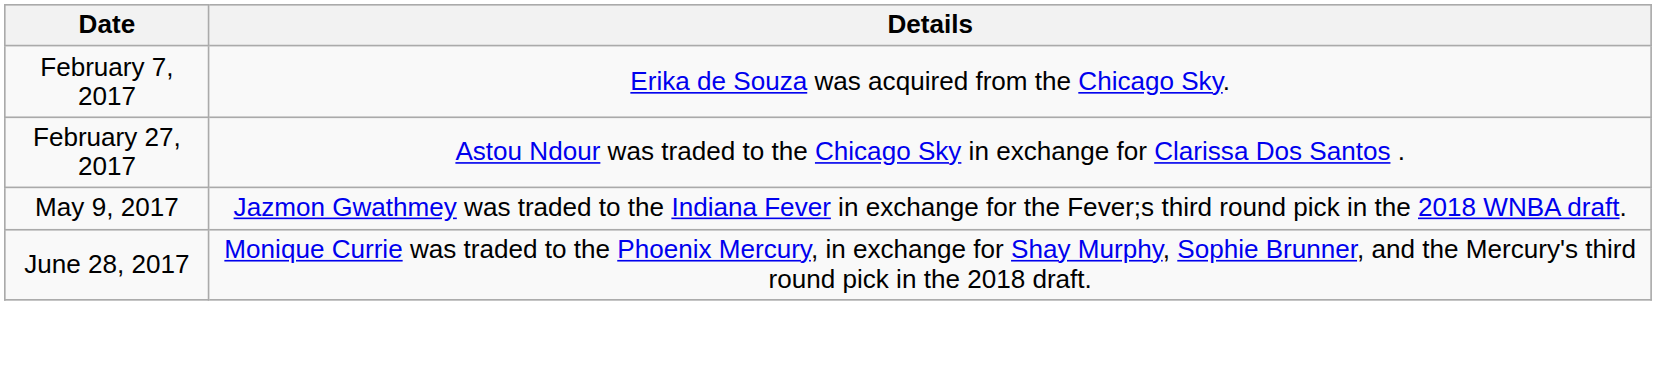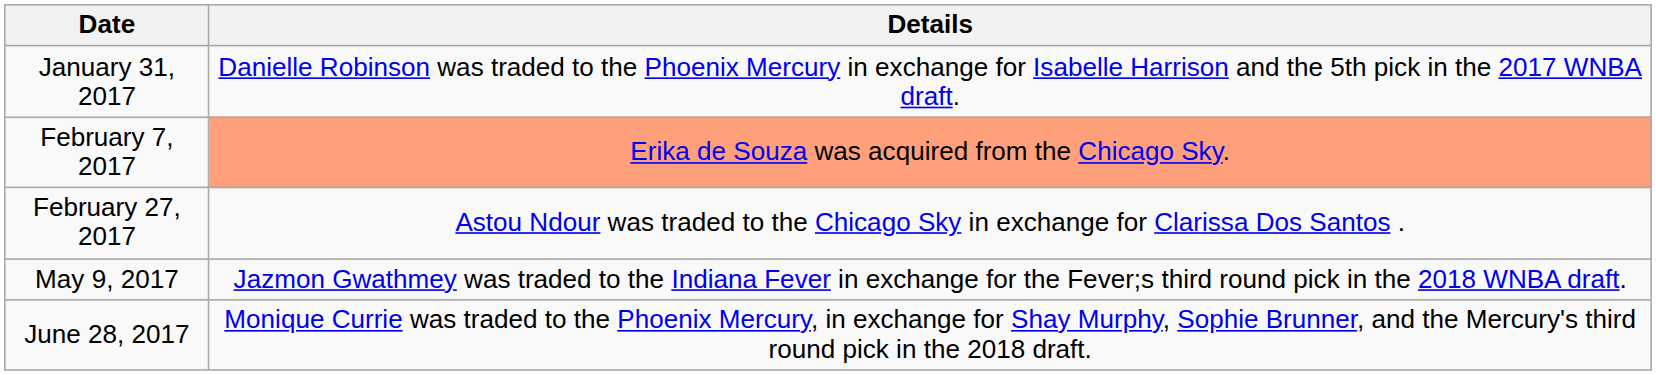 <table class="wikitable" style="width:80%; text-align: center;">
 <tr>
 <th>Date</th>
 <th>Details</th>
 </tr>
 <tr>
+<td>January 31, 2017</td>
+<td><a href='#'>Danielle Robinson</a> was traded to the <a href='#'>Phoenix Mercury</a> in exchange for <a href='#'>Isabelle Harrison</a> and the 5th pick in the <a href='#'>2017 WNBA draft</a>.</td>
+</tr>
+<tr>
 <td>February 7, 2017</td>
-<td><a href='#'>Erika de Souza</a> was acquired from the <a href='#'>Chicago Sky</a>.</td>
+<td style="background: lightsalmon;"><a href='#'>Erika de Souza</a> was acquired from the <a href='#'>Chicago Sky</a>.</td>
 </tr>
 <tr>
 <td>February 27, 2017</td>
 <td><a href='#'>Astou Ndour</a> was traded to the <a href='#'>Chicago Sky</a> in exchange for <a href='#'>Clarissa Dos Santos</a> .</td>
 </tr>
 <tr>
 <td>May 9, 2017</td>
 <td><a href='#'>Jazmon Gwathmey</a> was traded to the <a href='#'>Indiana Fever</a> in exchange for the Fever;s third round pick in the <a href='#'>2018 WNBA draft</a>.</td>
 </tr>
 <tr>
 <td>June 28, 2017</td>
 <td><a href='#'>Monique Currie</a> was traded to the <a href='#'>Phoenix Mercury</a>, in exchange for <a href='#'>Shay Murphy</a>, <a href='#'>Sophie Brunner</a>, and the Mercury's third round pick in the 2018 draft.</td>
 </tr>
 </table>
